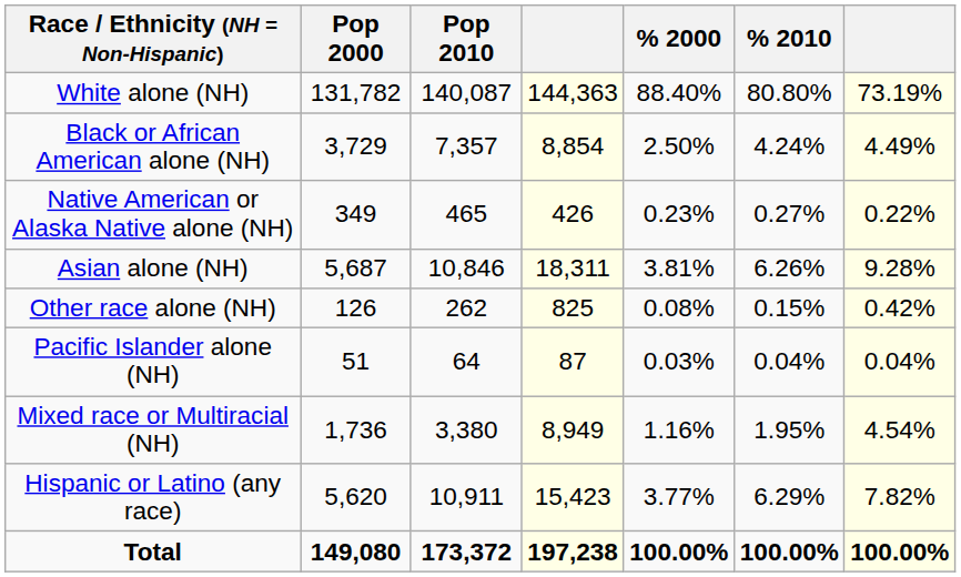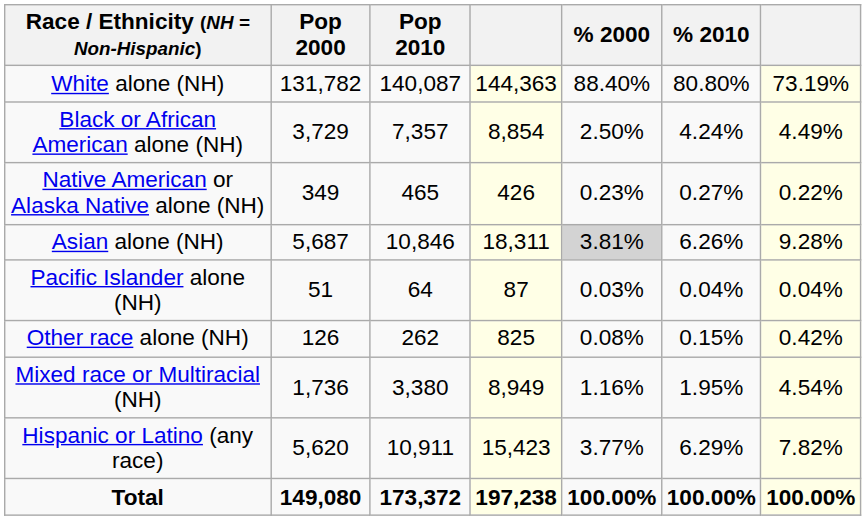 <table class="wikitable" style="text-align:center;">
 <tr>
 <th>Race / Ethnicity <small>(<em>NH = Non-Hispanic</em>)</small></th>
 <th>Pop 2000</th>
 <th>Pop 2010</th>
 <th></th>
 <th>% 2000</th>
 <th>% 2010</th>
 <th></th>
 </tr>
 <tr>
 <td><a href='#'>White</a> alone (NH)</td>
 <td>131,782</td>
 <td>140,087</td>
 <td style='background: #ffffe6;'>144,363</td>
 <td>88.40%</td>
 <td>80.80%</td>
 <td style='background: #ffffe6;'>73.19%</td>
 </tr>
 <tr>
 <td><a href='#'>Black or African American</a> alone (NH)</td>
 <td>3,729</td>
 <td>7,357</td>
 <td style='background: #ffffe6;'>8,854</td>
 <td>2.50%</td>
 <td>4.24%</td>
 <td style='background: #ffffe6;'>4.49%</td>
 </tr>
 <tr>
 <td><a href='#'>Native American</a> or <a href='#'>Alaska Native</a> alone (NH)</td>
 <td>349</td>
 <td>465</td>
 <td style='background: #ffffe6;'>426</td>
 <td>0.23%</td>
 <td>0.27%</td>
 <td style='background: #ffffe6;'>0.22%</td>
 </tr>
 <tr>
 <td><a href='#'>Asian</a> alone (NH)</td>
 <td>5,687</td>
 <td>10,846</td>
 <td style='background: #ffffe6;'>18,311</td>
-<td>3.81%</td>
+<td style="background: lightgrey;">3.81%</td>
 <td>6.26%</td>
 <td style='background: #ffffe6;'>9.28%</td>
+</tr>
+<tr>
+<td><a href='#'>Pacific Islander</a> alone (NH)</td>
+<td>51</td>
+<td>64</td>
+<td style='background: #ffffe6;'>87</td>
+<td>0.03%</td>
+<td>0.04%</td>
+<td style='background: #ffffe6;'>0.04%</td>
 </tr>
 <tr>
 <td><a href='#'>Other race</a> alone (NH)</td>
 <td>126</td>
 <td>262</td>
 <td style='background: #ffffe6;'>825</td>
 <td>0.08%</td>
 <td>0.15%</td>
 <td style='background: #ffffe6;'>0.42%</td>
-</tr>
-<tr>
-<td><a href='#'>Pacific Islander</a> alone (NH)</td>
-<td>51</td>
-<td>64</td>
-<td style='background: #ffffe6;'>87</td>
-<td>0.03%</td>
-<td>0.04%</td>
-<td style='background: #ffffe6;'>0.04%</td>
 </tr>
 <tr>
 <td><a href='#'>Mixed race or Multiracial</a> (NH)</td>
 <td>1,736</td>
 <td>3,380</td>
 <td style='background: #ffffe6;'>8,949</td>
 <td>1.16%</td>
 <td>1.95%</td>
 <td style='background: #ffffe6;'>4.54%</td>
 </tr>
 <tr>
 <td><a href='#'>Hispanic or Latino</a> (any race)</td>
 <td>5,620</td>
 <td>10,911</td>
 <td style='background: #ffffe6;'>15,423</td>
 <td>3.77%</td>
 <td>6.29%</td>
 <td style='background: #ffffe6;'>7.82%</td>
 </tr>
 <tr>
 <td><strong>Total</strong></td>
 <td><strong>149,080</strong></td>
 <td><strong>173,372</strong></td>
 <td style='background: #ffffe6;'><strong>197,238</strong></td>
 <td><strong>100.00%</strong></td>
 <td><strong>100.00%</strong></td>
 <td style='background: #ffffe6;'><strong>100.00%</strong></td>
 </tr>
 </table>
